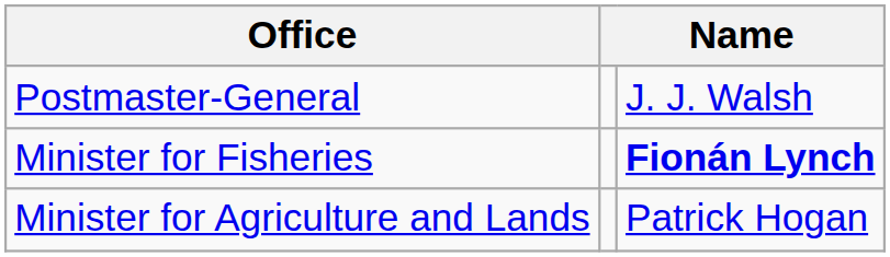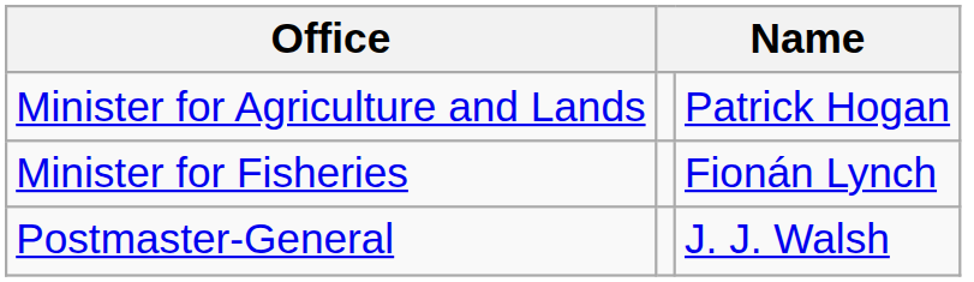 <table class="wikitable">
 <tr>
 <th>Office</th>
 <th colspan="2">Name</th>
 </tr>
 <tr>
+<td><a href='#'>Minister for Agriculture and Lands</a></td>
+<td style="background-color: "></td>
+<td><a href='#'>Patrick Hogan</a></td>
+</tr>
+<tr>
+<td><a href='#'>Minister for Fisheries</a></td>
+<td style="background-color: "></td>
+<td><a href='#'>Fionán Lynch</a></td>
+</tr>
+<tr>
 <td><a href='#'>Postmaster-General</a></td>
 <td style="background-color: "></td>
 <td><a href='#'>J. J. Walsh</a></td>
 </tr>
-<tr>
-<td><a href='#'>Minister for Fisheries</a></td>
-<td style="background-color: "></td>
-<td><strong><a href='#'>Fionán Lynch</a></strong></td>
-</tr>
-<tr>
-<td><a href='#'>Minister for Agriculture and Lands</a></td>
-<td style="background-color: "></td>
-<td><a href='#'>Patrick Hogan</a></td>
-</tr>
 </table>
